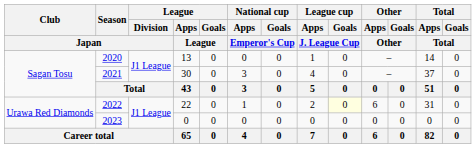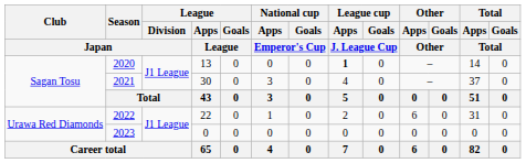 <table class="wikitable" style="text-align:center">
 <tr>
 <th rowspan=2>Club</th>
 <th rowspan=2>Season</th>
 <th colspan=3>League</th>
 <th colspan=2>National cup</th>
 <th colspan=2>League cup</th>
 <th colspan=2>Other</th>
 <th colspan=2>Total</th>
 </tr>
 <tr>
 <th>Division</th>
 <th>Apps</th>
 <th>Goals</th>
 <th>Apps</th>
 <th>Goals</th>
 <th>Apps</th>
 <th>Goals</th>
 <th>Apps</th>
 <th>Goals</th>
 <th>Apps</th>
 <th>Goals</th>
 </tr>
 <tr>
 <th colspan=3>Japan</th>
 <th colspan=2>League</th>
 <th colspan=2><a href='#'>Emperor's Cup</a></th>
 <th colspan=2><a href='#'>J. League Cup</a></th>
 <th colspan=2>Other</th>
 <th colspan=2>Total</th>
 </tr>
 <tr>
 <td rowspan="3"><a href='#'>Sagan Tosu</a></td>
 <td><a href='#'>2020</a></td>
 <td rowspan="2"><a href='#'>J1 League</a></td>
 <td>13</td>
 <td>0</td>
 <td>0</td>
 <td>0</td>
-<td>1</td>
+<td><strong>1</strong></td>
 <td>0</td>
 <td colspan="2">–</td>
 <td>14</td>
 <td>0</td>
 </tr>
 <tr>
 <td><a href='#'>2021</a></td>
 <td>30</td>
 <td>0</td>
 <td>3</td>
 <td>0</td>
 <td>4</td>
 <td>0</td>
 <td colspan="2">–</td>
 <td>37</td>
 <td>0</td>
 </tr>
 <tr>
 <th colspan="2">Total</th>
 <th>43</th>
 <th>0</th>
 <th>3</th>
 <th>0</th>
 <th>5</th>
 <th>0</th>
 <th>0</th>
 <th>0</th>
 <th>51</th>
 <th>0</th>
 </tr>
 <tr>
 <td rowspan="2"><a href='#'>Urawa Red Diamonds</a></td>
 <td><a href='#'>2022</a></td>
 <td rowspan="2"><a href='#'>J1 League</a></td>
 <td>22</td>
 <td>0</td>
 <td>1</td>
 <td>0</td>
 <td>2</td>
-<td style="background: lightyellow;">0</td>
+<td>0</td>
 <td>6</td>
 <td>0</td>
 <td>31</td>
 <td>0</td>
 </tr>
 <tr>
 <td><a href='#'>2023</a></td>
 <td>0</td>
 <td>0</td>
 <td>0</td>
 <td>0</td>
 <td>0</td>
 <td>0</td>
 <td>0</td>
 <td>0</td>
 <td>0</td>
 <td>0</td>
 </tr>
 <tr>
 <th colspan=3>Career total</th>
 <th>65</th>
 <th>0</th>
 <th>4</th>
 <th>0</th>
 <th>7</th>
 <th>0</th>
 <th>6</th>
 <th>0</th>
 <th>82</th>
 <th>0</th>
 </tr>
 </table>
